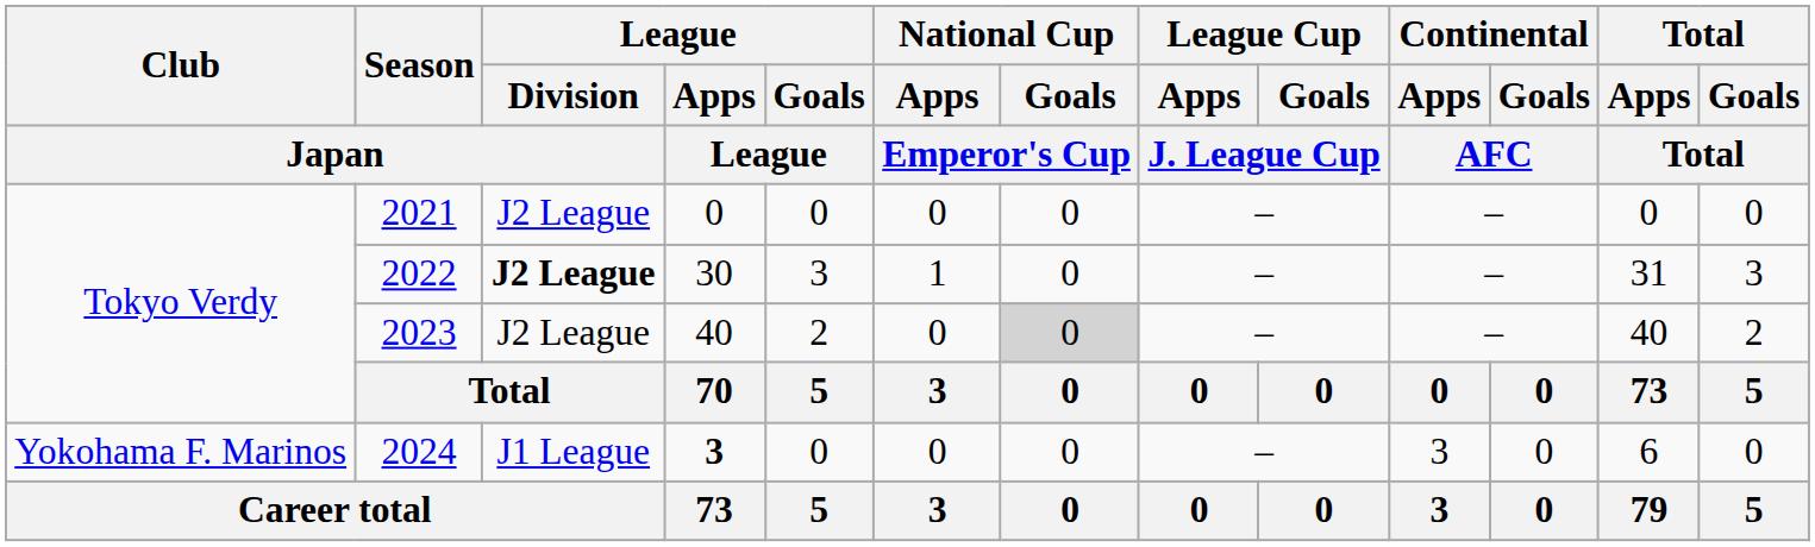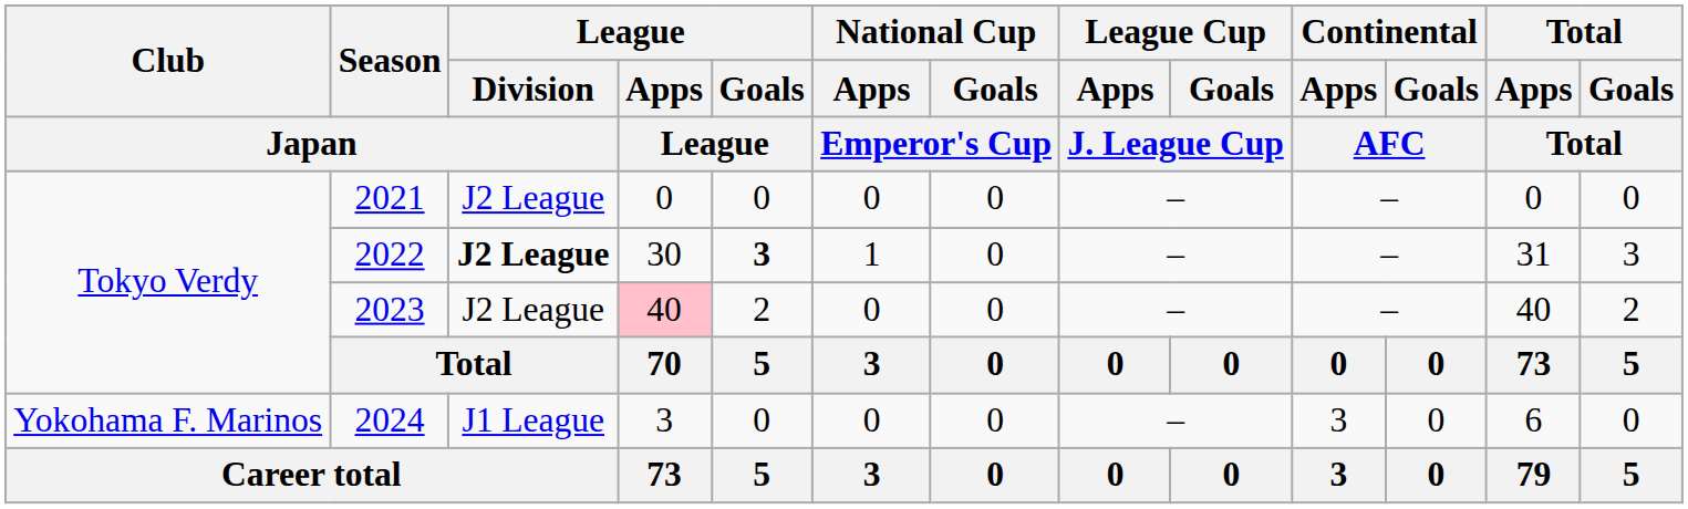 <table class="wikitable" style="text-align:center">
 <tr>
 <th rowspan=2>Club</th>
 <th rowspan=2>Season</th>
 <th colspan=3>League</th>
 <th colspan=2>National Cup</th>
 <th colspan=2>League Cup</th>
 <th colspan=2>Continental</th>
 <th colspan=2>Total</th>
 </tr>
 <tr>
 <th>Division</th>
 <th>Apps</th>
 <th>Goals</th>
 <th>Apps</th>
 <th>Goals</th>
 <th>Apps</th>
 <th>Goals</th>
 <th>Apps</th>
 <th>Goals</th>
 <th>Apps</th>
 <th>Goals</th>
 </tr>
 <tr>
 <th colspan=3>Japan</th>
 <th colspan=2>League</th>
 <th colspan=2><a href='#'>Emperor's Cup</a></th>
 <th colspan=2><a href='#'>J. League Cup</a></th>
 <th colspan=2><a href='#'>AFC</a></th>
 <th colspan=2>Total</th>
 </tr>
 <tr>
 <td rowspan="4"><a href='#'>Tokyo Verdy</a></td>
 <td><a href='#'>2021</a></td>
 <td><a href='#'>J2 League</a></td>
 <td>0</td>
 <td>0</td>
 <td>0</td>
 <td>0</td>
 <td colspan="2">–</td>
 <td colspan="2">–</td>
 <td>0</td>
 <td>0</td>
 </tr>
 <tr>
 <td><a href='#'>2022</a></td>
 <td><strong>J2 League</strong></td>
 <td>30</td>
-<td>3</td>
+<td><strong>3</strong></td>
 <td>1</td>
 <td>0</td>
 <td colspan="2">–</td>
 <td colspan="2">–</td>
 <td>31</td>
 <td>3</td>
 </tr>
 <tr>
 <td><a href='#'>2023</a></td>
 <td>J2 League</td>
-<td>40</td>
+<td style="background: pink;">40</td>
 <td>2</td>
 <td>0</td>
-<td style="background: lightgrey;">0</td>
+<td>0</td>
 <td colspan="2">–</td>
 <td colspan="2">–</td>
 <td>40</td>
 <td>2</td>
 </tr>
 <tr>
 <th colspan="2">Total</th>
 <th>70</th>
 <th>5</th>
 <th>3</th>
 <th>0</th>
 <th>0</th>
 <th>0</th>
 <th>0</th>
 <th>0</th>
 <th>73</th>
 <th>5</th>
 </tr>
 <tr>
 <td rowspan="1"><a href='#'>Yokohama F. Marinos</a></td>
 <td><a href='#'>2024</a></td>
 <td><a href='#'>J1 League</a></td>
-<td><strong>3</strong></td>
+<td>3</td>
 <td>0</td>
 <td>0</td>
 <td>0</td>
 <td colspan="2">–</td>
 <td>3</td>
 <td>0</td>
 <td>6</td>
 <td>0</td>
 </tr>
 <tr>
 <th colspan=3>Career total</th>
 <th>73</th>
 <th>5</th>
 <th>3</th>
 <th>0</th>
 <th>0</th>
 <th>0</th>
 <th>3</th>
 <th>0</th>
 <th>79</th>
 <th>5</th>
 </tr>
 </table>
